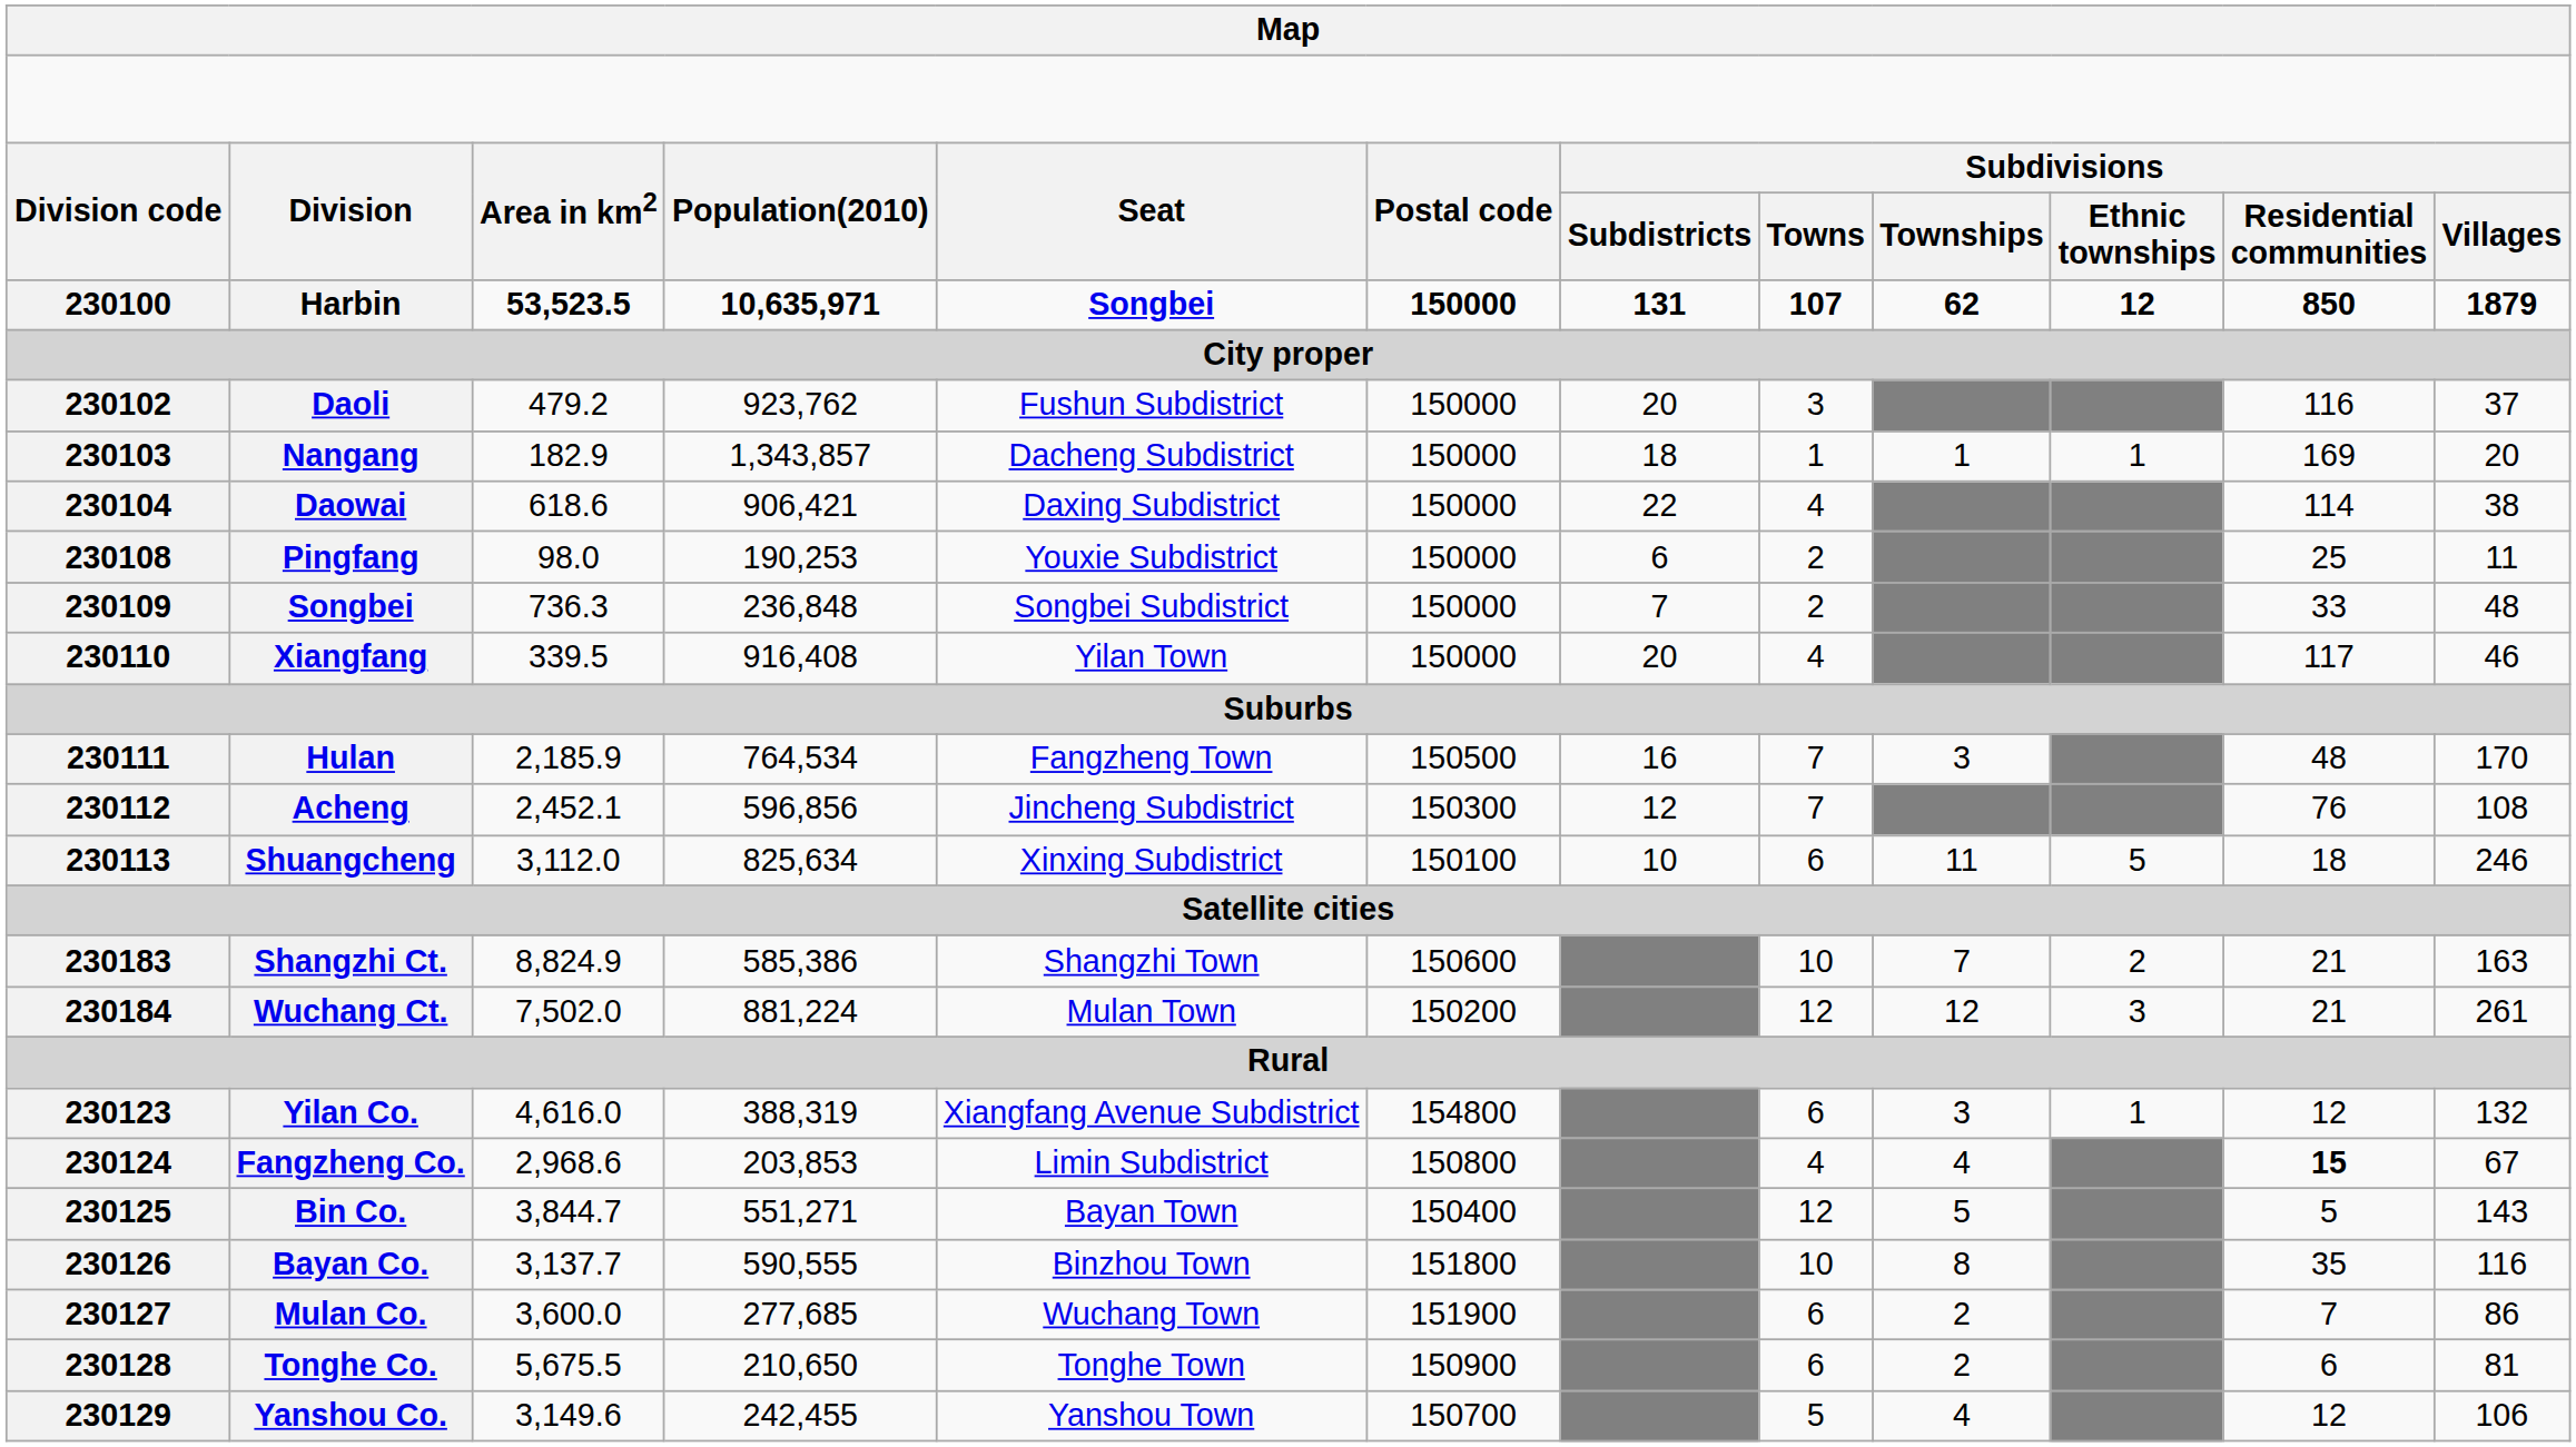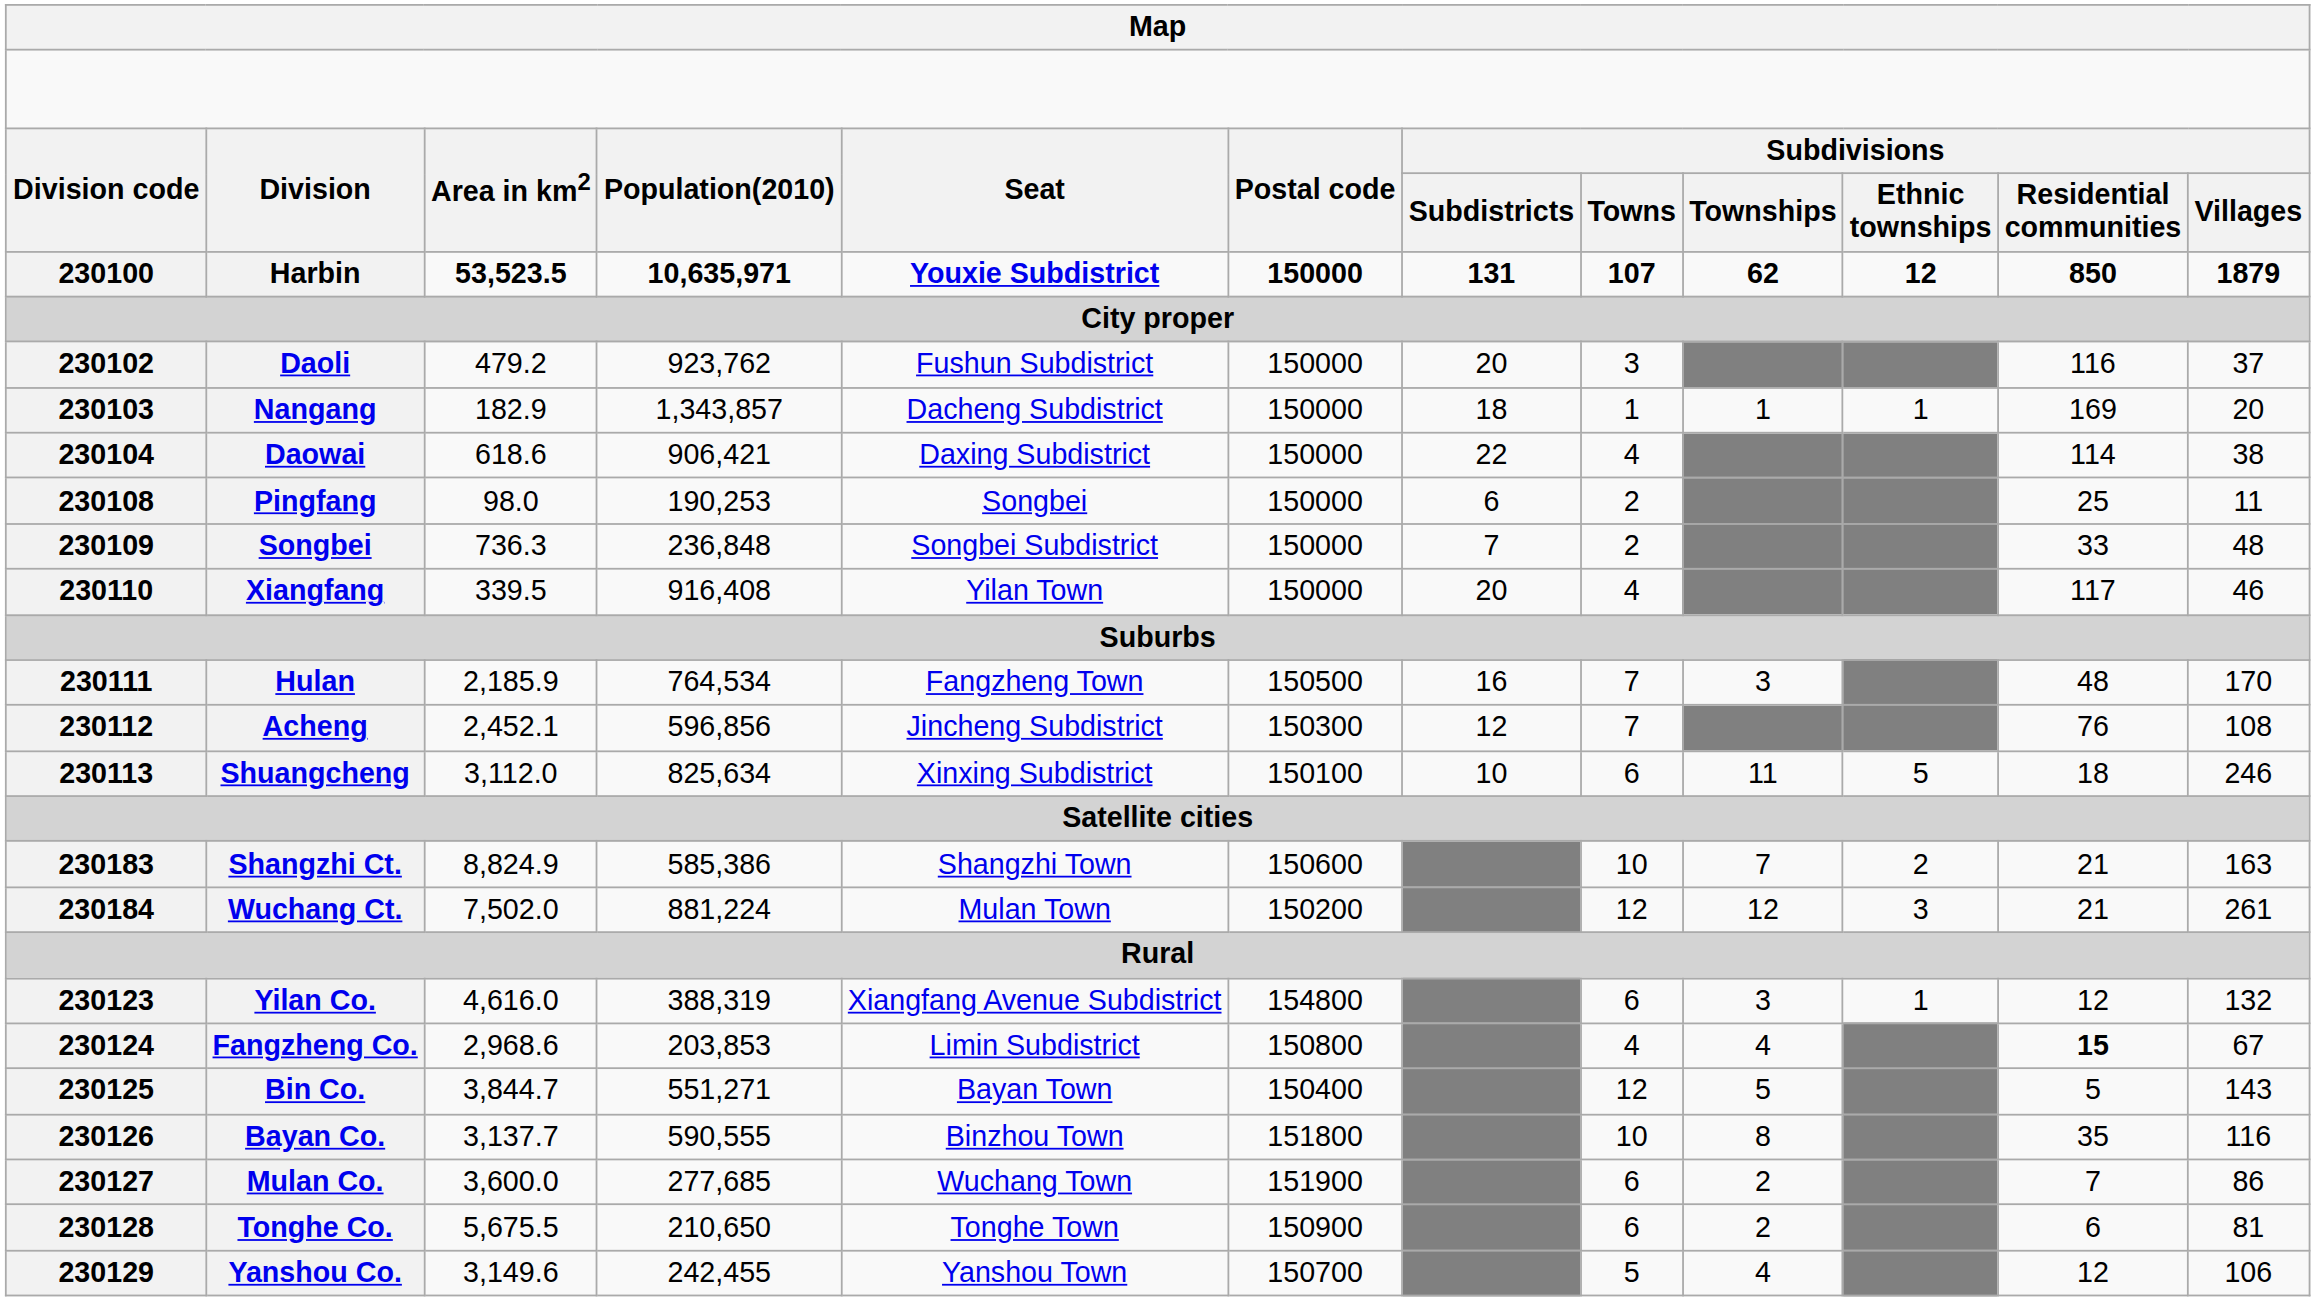 <table class="wikitable" style="font-size:100%; margin:auto; text-align:center">
 <tr>
 <th colspan=12>Map</th>
 </tr>
 <tr>
 <td colspan=12><div><br>                  <br> </div></td>
 </tr>
 <tr>
 <th ! scope="col" rowspan=2>Division code</th>
 <th ! scope="col" rowspan=2>Division</th>
 <th ! scope="col" rowspan=2>Area in km<sup>2</sup><br></th>
 <th ! scope="col" rowspan=2>Population(2010)</th>
 <th ! scope="col" rowspan=2>Seat</th>
 <th ! scope="col" rowspan=2>Postal code</th>
 <th ! scope="col" colspan=7>Subdivisions</th>
 </tr>
 <tr>
 <th ! scope="col" width="45">Subdistricts</th>
 <th ! scope="col" width="45">Towns</th>
 <th ! scope="col" width="45">Townships</th>
 <th ! scope="col" width="45">Ethnic townships</th>
 <th ! scope="col" width="45">Residential communities</th>
 <th ! scope="col" width="45">Villages</th>
 </tr>
 <tr style="font-weight:bold">
 <th>230100</th>
 <th>Harbin</th>
 <td>53,523.5</td>
 <td>10,635,971</td>
-<td><a href='#'>Songbei</a></td>
+<td><a href='#'>Youxie Subdistrict</a></td>
 <td>150000</td>
 <td>131</td>
 <td>107</td>
 <td>62</td>
 <td>12</td>
 <td>850</td>
 <td>1879</td>
 </tr>
 <tr>
 <td style="text-align:center; background:#d3d3d3;" colspan="12"><strong>City proper</strong></td>
 </tr>
 <tr>
 <th>230102</th>
 <th><a href='#'>Daoli</a></th>
 <td>479.2</td>
 <td>923,762</td>
 <td><a href='#'>Fushun Subdistrict</a></td>
 <td>150000</td>
 <td>20</td>
 <td>3</td>
 <td style="background:gray;"> </td>
 <td style="background:gray;"> </td>
 <td>116</td>
 <td>37</td>
 </tr>
 <tr>
 <th>230103</th>
 <th><a href='#'>Nangang</a></th>
 <td>182.9</td>
 <td>1,343,857</td>
 <td><a href='#'>Dacheng Subdistrict</a></td>
 <td>150000</td>
 <td>18</td>
 <td>1</td>
 <td>1</td>
 <td>1</td>
 <td>169</td>
 <td>20</td>
 </tr>
 <tr>
 <th>230104</th>
 <th><a href='#'>Daowai</a></th>
 <td>618.6</td>
 <td>906,421</td>
 <td><a href='#'>Daxing Subdistrict</a></td>
 <td>150000</td>
 <td>22</td>
 <td>4</td>
 <td style="background:gray;"> </td>
 <td style="background:gray;"> </td>
 <td>114</td>
 <td>38</td>
 </tr>
 <tr>
 <th>230108</th>
 <th><a href='#'>Pingfang</a></th>
 <td>98.0</td>
 <td>190,253</td>
-<td><a href='#'>Youxie Subdistrict</a></td>
+<td><a href='#'>Songbei</a></td>
 <td>150000</td>
 <td>6</td>
 <td>2</td>
 <td style="background:gray;"> </td>
 <td style="background:gray;"> </td>
 <td>25</td>
 <td>11</td>
 </tr>
 <tr>
 <th>230109</th>
 <th><a href='#'>Songbei</a></th>
 <td>736.3</td>
 <td>236,848</td>
 <td><a href='#'>Songbei Subdistrict</a></td>
 <td>150000</td>
 <td>7</td>
 <td>2</td>
 <td style="background:gray;"> </td>
 <td style="background:gray;"> </td>
 <td>33</td>
 <td>48</td>
 </tr>
 <tr>
 <th>230110</th>
 <th><a href='#'>Xiangfang</a></th>
 <td>339.5</td>
 <td>916,408</td>
 <td><a href='#'>Yilan Town</a></td>
 <td>150000</td>
 <td>20</td>
 <td>4</td>
 <td style="background:gray;"> </td>
 <td style="background:gray;"> </td>
 <td>117</td>
 <td>46</td>
 </tr>
 <tr>
 <td style="text-align:center; background:#d3d3d3;" colspan="12"><strong>Suburbs</strong></td>
 </tr>
 <tr>
 <th>230111</th>
 <th><a href='#'>Hulan</a></th>
 <td>2,185.9</td>
 <td>764,534</td>
 <td><a href='#'>Fangzheng Town</a></td>
 <td>150500</td>
 <td>16</td>
 <td>7</td>
 <td>3</td>
 <td style="background:gray;"> </td>
 <td>48</td>
 <td>170</td>
 </tr>
 <tr>
 <th>230112</th>
 <th><a href='#'>Acheng</a></th>
 <td>2,452.1</td>
 <td>596,856</td>
 <td><a href='#'>Jincheng Subdistrict</a></td>
 <td>150300</td>
 <td>12</td>
 <td>7</td>
 <td style="background:gray;"> </td>
 <td style="background:gray;"> </td>
 <td>76</td>
 <td>108</td>
 </tr>
 <tr>
 <th>230113</th>
 <th><a href='#'>Shuangcheng</a></th>
 <td>3,112.0</td>
 <td>825,634</td>
 <td><a href='#'>Xinxing Subdistrict</a></td>
 <td>150100</td>
 <td>10</td>
 <td>6</td>
 <td>11</td>
 <td>5</td>
 <td>18</td>
 <td>246</td>
 </tr>
 <tr>
 <td style="text-align:center; background:#d3d3d3;" colspan="12"><strong>Satellite cities</strong></td>
 </tr>
 <tr>
 <th>230183</th>
 <th><a href='#'>Shangzhi Ct.</a></th>
 <td>8,824.9</td>
 <td>585,386</td>
 <td><a href='#'>Shangzhi Town</a></td>
 <td>150600</td>
 <td style="background:gray;"> </td>
 <td>10</td>
 <td>7</td>
 <td>2</td>
 <td>21</td>
 <td>163</td>
 </tr>
 <tr>
 <th>230184</th>
 <th><a href='#'>Wuchang Ct.</a></th>
 <td>7,502.0</td>
 <td>881,224</td>
 <td><a href='#'>Mulan Town</a></td>
 <td>150200</td>
 <td style="background:gray;"> </td>
 <td>12</td>
 <td>12</td>
 <td>3</td>
 <td>21</td>
 <td>261</td>
 </tr>
 <tr>
 <td style="text-align:center; background:#d3d3d3;" colspan="12"><strong>Rural</strong></td>
 </tr>
 <tr>
 <th>230123</th>
 <th><a href='#'>Yilan Co.</a></th>
 <td>4,616.0</td>
 <td>388,319</td>
 <td><a href='#'>Xiangfang Avenue Subdistrict</a></td>
 <td>154800</td>
 <td style="background:gray;"> </td>
 <td>6</td>
 <td>3</td>
 <td>1</td>
 <td>12</td>
 <td>132</td>
 </tr>
 <tr>
 <th>230124</th>
 <th><a href='#'>Fangzheng Co.</a></th>
 <td>2,968.6</td>
 <td>203,853</td>
 <td><a href='#'>Limin Subdistrict</a></td>
 <td>150800</td>
 <td style="background:gray;"> </td>
 <td>4</td>
 <td>4</td>
 <td style="background:gray;"> </td>
 <td><strong>15</strong></td>
 <td>67</td>
 </tr>
 <tr>
 <th>230125</th>
 <th><a href='#'>Bin Co.</a></th>
 <td>3,844.7</td>
 <td>551,271</td>
 <td><a href='#'>Bayan Town</a></td>
 <td>150400</td>
 <td style="background:gray;"> </td>
 <td>12</td>
 <td>5</td>
 <td style="background:gray;"> </td>
 <td>5</td>
 <td>143</td>
 </tr>
 <tr>
 <th>230126</th>
 <th><a href='#'>Bayan Co.</a></th>
 <td>3,137.7</td>
 <td>590,555</td>
 <td><a href='#'>Binzhou Town</a></td>
 <td>151800</td>
 <td style="background:gray;"> </td>
 <td>10</td>
 <td>8</td>
 <td style="background:gray;"> </td>
 <td>35</td>
 <td>116</td>
 </tr>
 <tr>
 <th>230127</th>
 <th><a href='#'>Mulan Co.</a></th>
 <td>3,600.0</td>
 <td>277,685</td>
 <td><a href='#'>Wuchang Town</a></td>
 <td>151900</td>
 <td style="background:gray;"> </td>
 <td>6</td>
 <td>2</td>
 <td style="background:gray;"> </td>
 <td>7</td>
 <td>86</td>
 </tr>
 <tr>
 <th>230128</th>
 <th><a href='#'>Tonghe Co.</a></th>
 <td>5,675.5</td>
 <td>210,650</td>
 <td><a href='#'>Tonghe Town</a></td>
 <td>150900</td>
 <td style="background:gray;"> </td>
 <td>6</td>
 <td>2</td>
 <td style="background:gray;"> </td>
 <td>6</td>
 <td>81</td>
 </tr>
 <tr>
 <th>230129</th>
 <th><a href='#'>Yanshou Co.</a></th>
 <td>3,149.6</td>
 <td>242,455</td>
 <td><a href='#'>Yanshou Town</a></td>
 <td>150700</td>
 <td style="background:gray;"> </td>
 <td>5</td>
 <td>4</td>
 <td style="background:gray;"> </td>
 <td>12</td>
 <td>106</td>
 </tr>
 </table>
